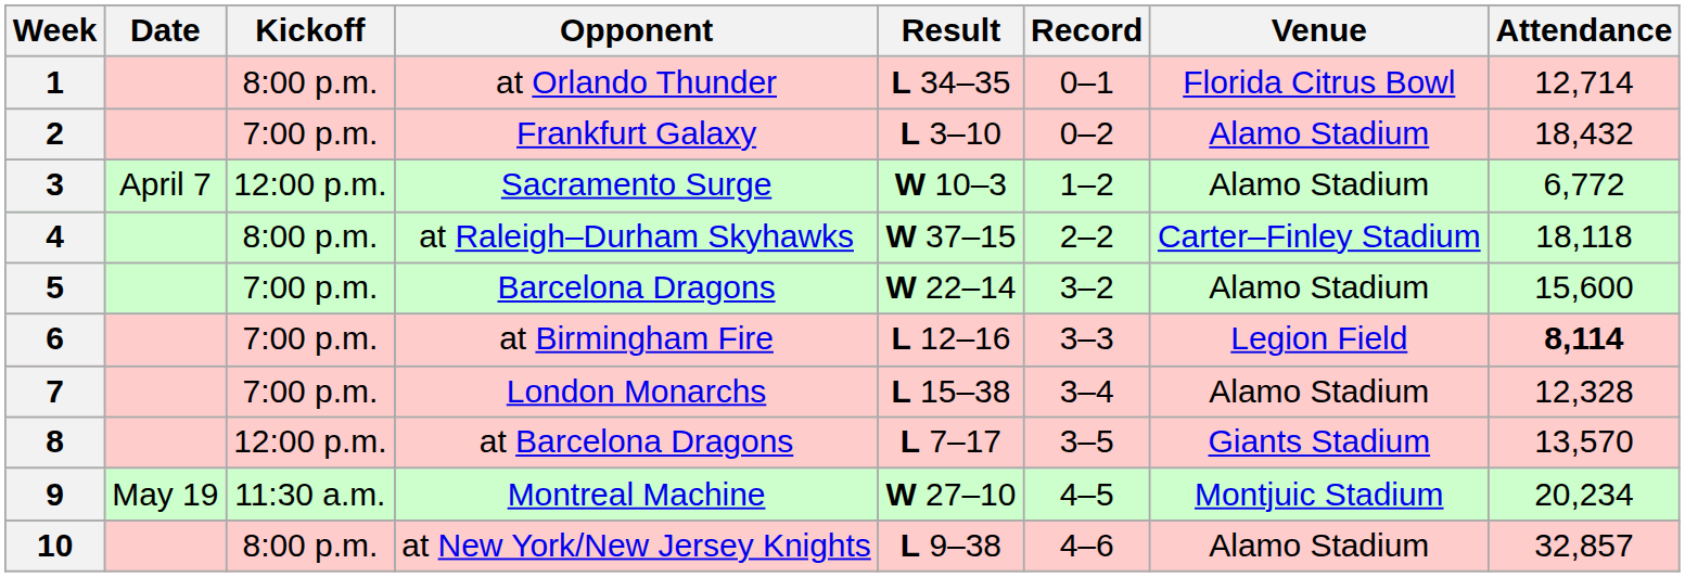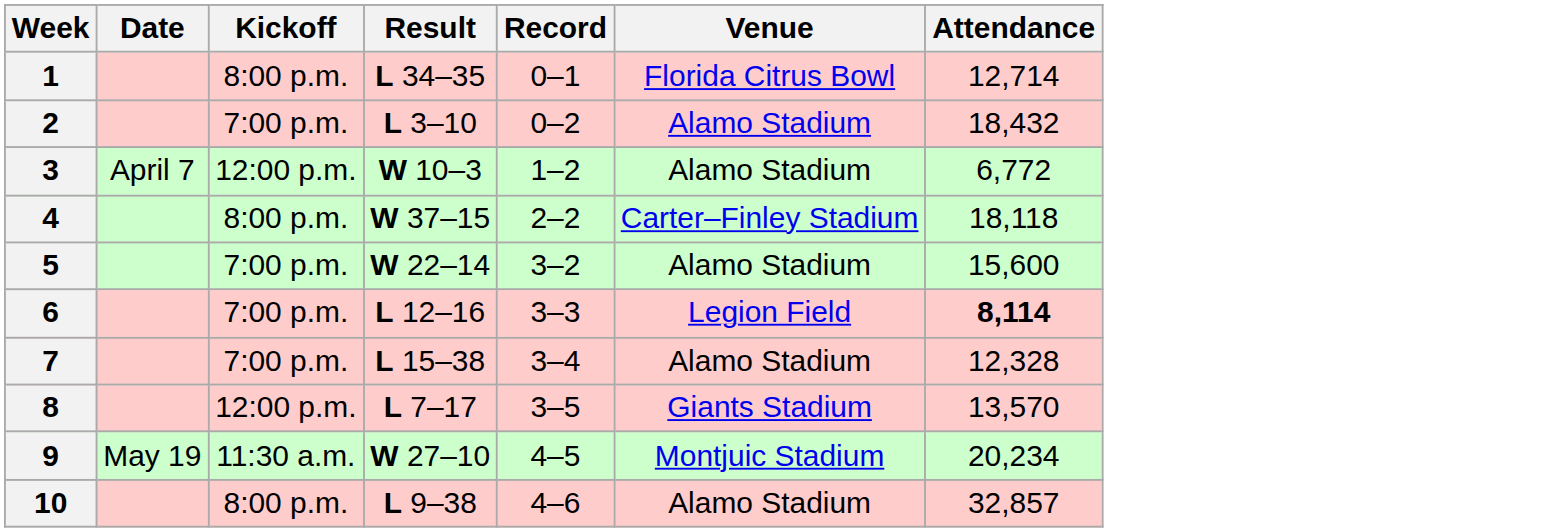 <table class="wikitable" style="text-align:center">
 <tr>
 <th>Week</th>
 <th>Date</th>
 <th>Kickoff</th>
-<th>Opponent</th>
 <th>Result</th>
 <th>Record</th>
 <th>Venue</th>
 <th>Attendance</th>
 </tr>
 <tr style="background:#fcc">
 <th>1</th>
 <td></td>
 <td>8:00 p.m.</td>
-<td>at <a href='#'>Orlando Thunder</a></td>
 <td><strong>L</strong> 34–35</td>
 <td>0–1</td>
 <td><a href='#'>Florida Citrus Bowl</a></td>
 <td>12,714</td>
 </tr>
 <tr style="background:#fcc">
 <th>2</th>
 <td></td>
 <td>7:00 p.m.</td>
-<td><a href='#'>Frankfurt Galaxy</a></td>
 <td><strong>L</strong> 3–10</td>
 <td>0–2</td>
 <td><a href='#'>Alamo Stadium</a></td>
 <td>18,432</td>
 </tr>
 <tr style="background:#cfc">
 <th>3</th>
 <td>April 7</td>
 <td>12:00 p.m.</td>
-<td><a href='#'>Sacramento Surge</a></td>
 <td><strong>W</strong> 10–3</td>
 <td>1–2</td>
 <td>Alamo Stadium</td>
 <td>6,772</td>
 </tr>
 <tr style="background:#cfc">
 <th>4</th>
 <td></td>
 <td>8:00 p.m.</td>
-<td>at <a href='#'>Raleigh–Durham Skyhawks</a></td>
 <td><strong>W</strong> 37–15</td>
 <td>2–2</td>
 <td><a href='#'>Carter–Finley Stadium</a></td>
 <td>18,118</td>
 </tr>
 <tr style="background:#cfc">
 <th>5</th>
 <td></td>
 <td>7:00 p.m.</td>
-<td><a href='#'>Barcelona Dragons</a></td>
 <td><strong>W</strong> 22–14</td>
 <td>3–2</td>
 <td>Alamo Stadium</td>
 <td>15,600</td>
 </tr>
 <tr style="background:#fcc">
 <th>6</th>
 <td></td>
 <td>7:00 p.m.</td>
-<td>at <a href='#'>Birmingham Fire</a></td>
 <td><strong>L</strong> 12–16</td>
 <td>3–3</td>
 <td><a href='#'>Legion Field</a></td>
 <td><strong>8,114</strong></td>
 </tr>
 <tr style="background:#fcc">
 <th>7</th>
 <td></td>
 <td>7:00 p.m.</td>
-<td><a href='#'>London Monarchs</a></td>
 <td><strong>L</strong> 15–38</td>
 <td>3–4</td>
 <td>Alamo Stadium</td>
 <td>12,328</td>
 </tr>
 <tr style="background:#fcc">
 <th>8</th>
 <td></td>
 <td>12:00 p.m.</td>
-<td>at <a href='#'>Barcelona Dragons</a></td>
 <td><strong>L</strong> 7–17</td>
 <td>3–5</td>
 <td><a href='#'>Giants Stadium</a></td>
 <td>13,570</td>
 </tr>
 <tr style="background:#cfc">
 <th>9</th>
 <td>May 19</td>
 <td>11:30 a.m.</td>
-<td><a href='#'>Montreal Machine</a></td>
 <td><strong>W</strong> 27–10</td>
 <td>4–5</td>
 <td><a href='#'>Montjuic Stadium</a></td>
 <td>20,234</td>
 </tr>
 <tr style="background:#fcc">
 <th>10</th>
 <td></td>
 <td>8:00 p.m.</td>
-<td>at <a href='#'>New York/New Jersey Knights</a></td>
 <td><strong>L</strong> 9–38</td>
 <td>4–6</td>
 <td>Alamo Stadium</td>
 <td>32,857</td>
 </tr>
 </table>
